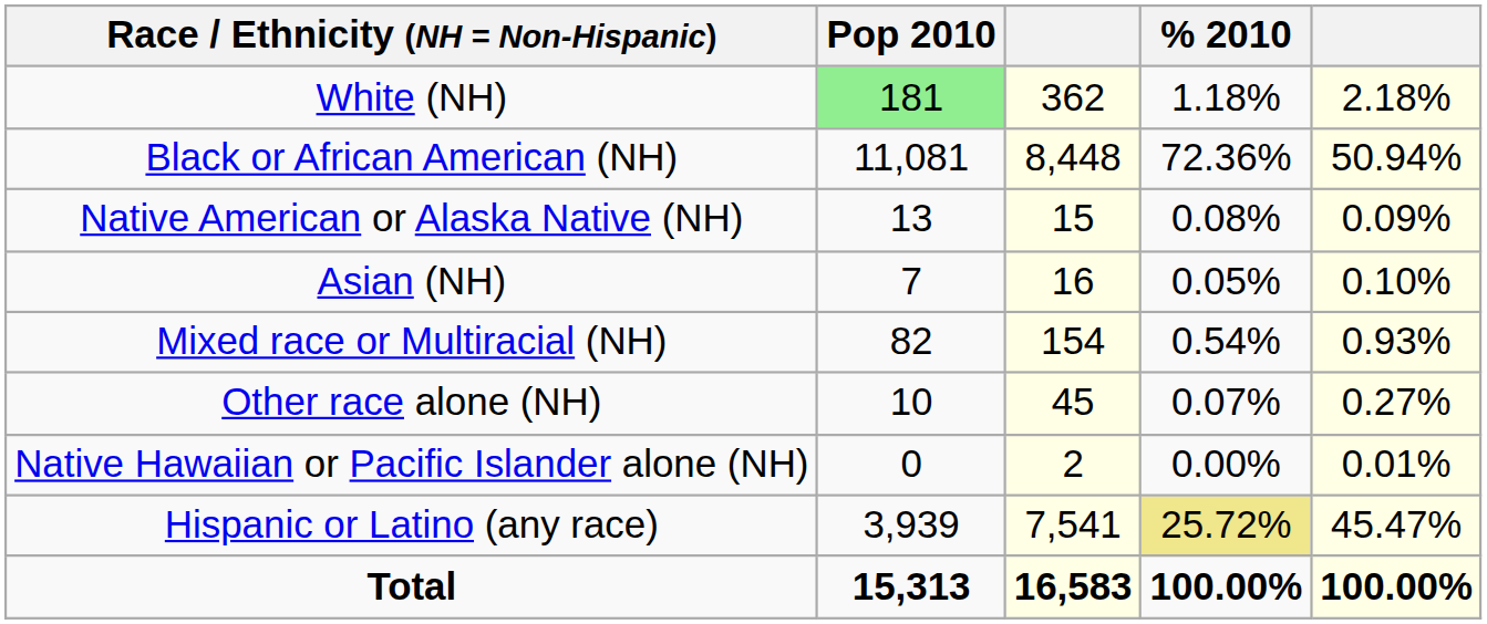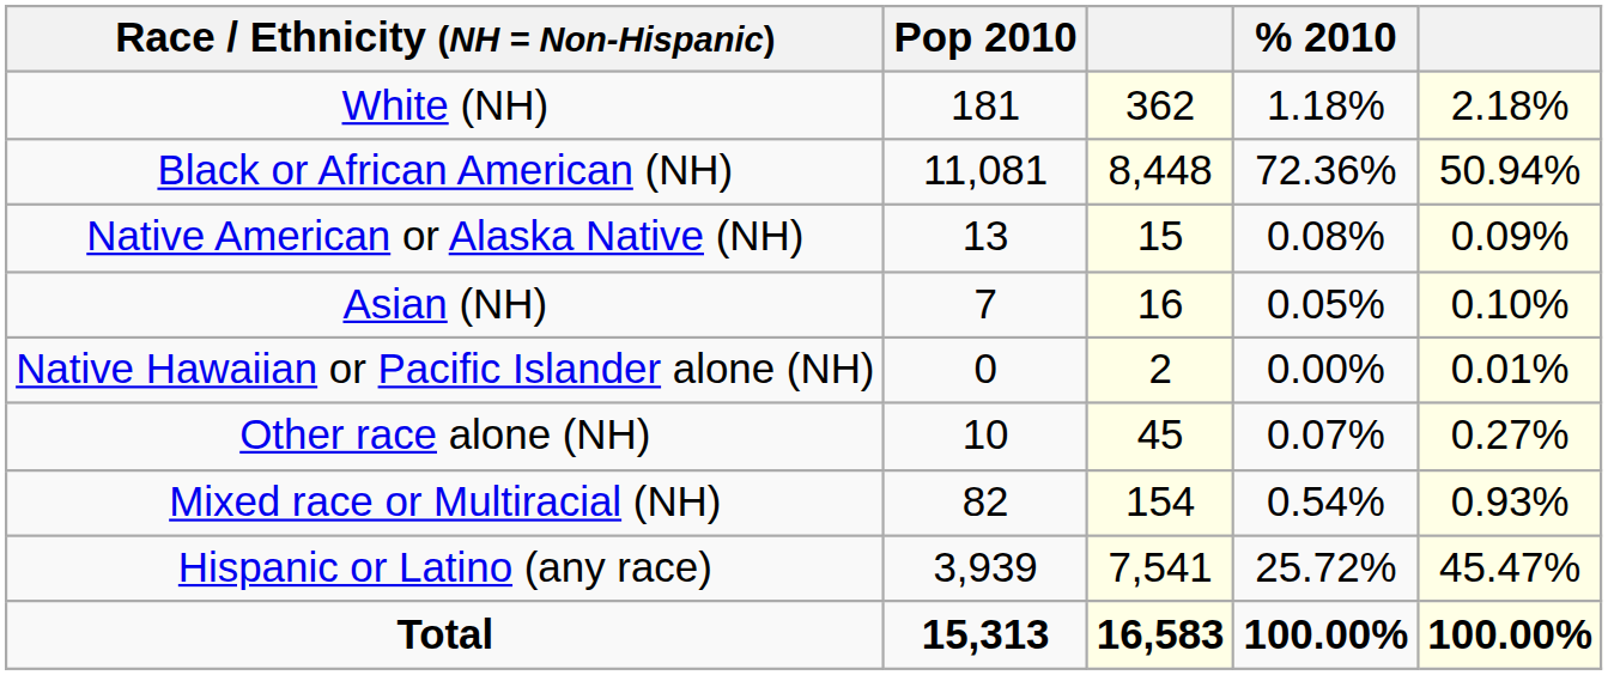 <table class="wikitable" style="text-align:center;">
 <tr>
 <th>Race / Ethnicity <small>(<em>NH = Non-Hispanic</em>)</small></th>
 <th>Pop 2010</th>
 <th></th>
 <th>% 2010</th>
 <th></th>
 </tr>
 <tr>
 <td><a href='#'>White</a> (NH)</td>
-<td style="background: lightgreen;">181</td>
+<td>181</td>
 <td style='background: #ffffe6;'>362</td>
 <td>1.18%</td>
 <td style='background: #ffffe6;'>2.18%</td>
 </tr>
 <tr>
 <td><a href='#'>Black or African American</a> (NH)</td>
 <td>11,081</td>
 <td style='background: #ffffe6;'>8,448</td>
 <td>72.36%</td>
 <td style='background: #ffffe6;'>50.94%</td>
 </tr>
 <tr>
 <td><a href='#'>Native American</a> or <a href='#'>Alaska Native</a> (NH)</td>
 <td>13</td>
 <td style='background: #ffffe6;'>15</td>
 <td>0.08%</td>
 <td style='background: #ffffe6;'>0.09%</td>
 </tr>
 <tr>
 <td><a href='#'>Asian</a> (NH)</td>
 <td>7</td>
 <td style='background: #ffffe6;'>16</td>
 <td>0.05%</td>
 <td style='background: #ffffe6;'>0.10%</td>
 </tr>
 <tr>
-<td><a href='#'>Mixed race or Multiracial</a> (NH)</td>
-<td>82</td>
-<td style='background: #ffffe6;'>154</td>
-<td>0.54%</td>
-<td style='background: #ffffe6;'>0.93%</td>
+<td><a href='#'>Native Hawaiian</a> or <a href='#'>Pacific Islander</a> alone (NH)</td>
+<td>0</td>
+<td style='background: #ffffe6;'>2</td>
+<td>0.00%</td>
+<td style='background: #ffffe6;'>0.01%</td>
 </tr>
 <tr>
 <td><a href='#'>Other race</a> alone (NH)</td>
 <td>10</td>
 <td style='background: #ffffe6;'>45</td>
 <td>0.07%</td>
 <td style='background: #ffffe6;'>0.27%</td>
 </tr>
 <tr>
-<td><a href='#'>Native Hawaiian</a> or <a href='#'>Pacific Islander</a> alone (NH)</td>
-<td>0</td>
-<td style='background: #ffffe6;'>2</td>
-<td>0.00%</td>
-<td style='background: #ffffe6;'>0.01%</td>
+<td><a href='#'>Mixed race or Multiracial</a> (NH)</td>
+<td>82</td>
+<td style='background: #ffffe6;'>154</td>
+<td>0.54%</td>
+<td style='background: #ffffe6;'>0.93%</td>
 </tr>
 <tr>
 <td><a href='#'>Hispanic or Latino</a> (any race)</td>
 <td>3,939</td>
 <td style='background: #ffffe6;'>7,541</td>
-<td style="background: khaki;">25.72%</td>
+<td>25.72%</td>
 <td style='background: #ffffe6;'>45.47%</td>
 </tr>
 <tr>
 <td><strong>Total</strong></td>
 <td><strong>15,313</strong></td>
 <td style='background: #ffffe6;'><strong>16,583</strong></td>
 <td><strong>100.00%</strong></td>
 <td style='background: #ffffe6;'><strong>100.00%</strong></td>
 </tr>
 </table>
